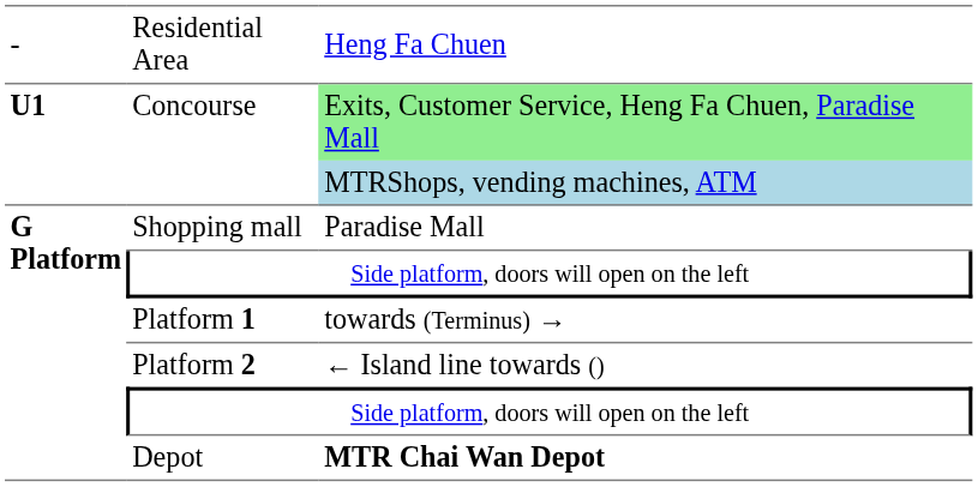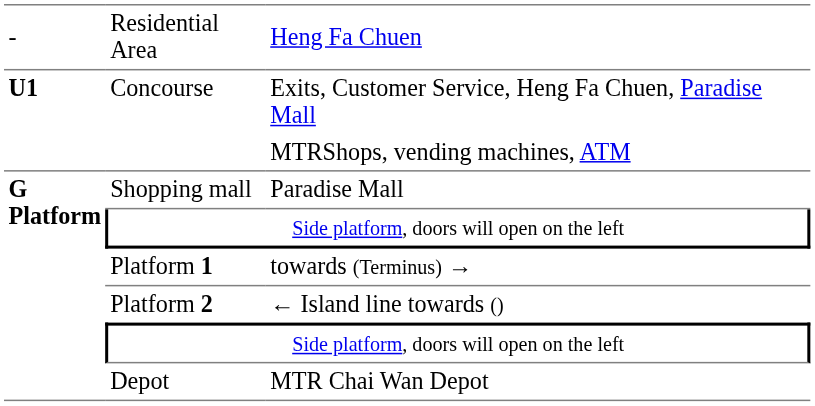 <table border=0 cellspacing=0 cellpadding=3>
 <tr>
 <td style="border-top:solid 1px gray;border-bottom:solid 1px gray;width:50px;">-</td>
 <td style="border-top:solid 1px gray;border-bottom:solid 1px gray;width:100px;">Residential Area</td>
 <td style="border-top:solid 1px gray;border-bottom:solid 1px gray;width:355px;"><a href='#'>Heng Fa Chuen</a></td>
 </tr>
 <tr>
 <td style="border-bottom:solid 1px gray;vertical-align:top;" rowspan=2><strong>U1</strong></td>
 <td style="border-bottom:solid 1px gray;vertical-align:top;" rowspan=2>Concourse</td>
-<td style="background: lightgreen;">Exits, Customer Service, Heng Fa Chuen, <a href='#'>Paradise Mall</a></td>
+<td>Exits, Customer Service, Heng Fa Chuen, <a href='#'>Paradise Mall</a></td>
 </tr>
 <tr>
-<td style="background: lightblue; border-bottom:solid 1px gray;">MTRShops, vending machines, <a href='#'>ATM</a></td>
+<td style="border-bottom:solid 1px gray;">MTRShops, vending machines, <a href='#'>ATM</a></td>
 </tr>
 <tr>
 <td style="border-bottom:solid 1px gray;vertical-align:top;" rowspan=6><strong>G<br>Platform</strong></td>
 <td style="border-bottom:solid 1px gray;">Shopping mall</td>
 <td style="border-bottom:solid 1px gray;">Paradise Mall</td>
 </tr>
 <tr>
 <td style="border-right:solid 2px black;border-left:solid 2px black;border-bottom:solid 2px black;text-align:center;" colspan=2><small><a href='#'>Side platform</a>, doors will open on the left</small></td>
 </tr>
 <tr>
 <td style="border-bottom:solid 1px gray;">Platform <span><strong>1</strong></span></td>
 <td style="border-bottom:solid 1px gray;">  towards  <small>(Terminus)</small> →</td>
 </tr>
 <tr>
 <td style="border-bottom:solid 0px gray;">Platform <span><strong>2</strong></span></td>
 <td style="border-bottom:solid 0px gray;">←  Island line towards  <small>()</small></td>
 </tr>
 <tr>
 <td style="border-top:solid 2px black;border-right:solid 2px black;border-left:solid 2px black;border-bottom:solid 1px gray;text-align:center;" colspan=2><small><a href='#'>Side platform</a>, doors will open on the left</small></td>
 </tr>
 <tr>
 <td style="border-bottom:solid 1px gray;">Depot</td>
-<td style="border-bottom:solid 1px gray;"><strong>MTR Chai Wan Depot</strong></td>
+<td style="border-bottom:solid 1px gray;">MTR Chai Wan Depot</td>
 </tr>
 </table>
